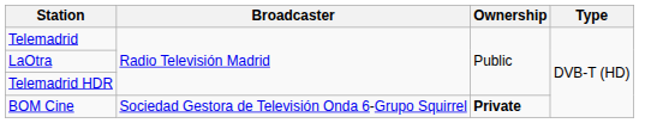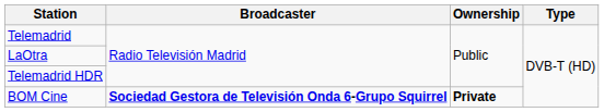 <table class="wikitable">
 <tr>
 <th>Station</th>
 <th>Broadcaster</th>
 <th>Ownership</th>
 <th>Type</th>
 </tr>
 <tr>
 <td><a href='#'>Telemadrid</a></td>
 <td rowspan="3"><a href='#'>Radio Televisión Madrid</a></td>
 <td rowspan="3">Public</td>
 <td rowspan="4">DVB-T (HD)</td>
 </tr>
 <tr>
 <td><a href='#'>LaOtra</a></td>
 </tr>
 <tr>
 <td><a href='#'>Telemadrid HDR</a></td>
 </tr>
 <tr>
 <td><a href='#'>BOM Cine</a></td>
-<td><a href='#'>Sociedad Gestora de Televisión Onda 6</a>-<a href='#'>Grupo Squirrel</a></td>
+<td><strong><a href='#'>Sociedad Gestora de Televisión Onda 6</a>-<a href='#'>Grupo Squirrel</a></strong></td>
 <td><strong>Private</strong></td>
 </tr>
 </table>
